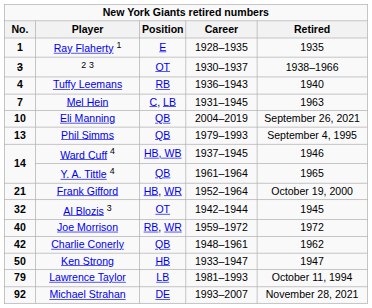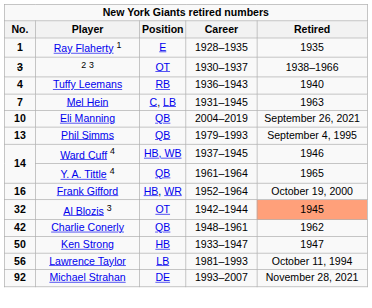 <table class="wikitable" style="text-align:center">
 <tr>
 <td colspan="5"><strong>New York Giants retired numbers</strong></td>
 </tr>
 <tr>
 <th width=40px>No.</th>
 <th width=150px>Player</th>
 <th width=40px>Position</th>
 <th width=100px>Career</th>
 <th width=160px>Retired</th>
 </tr>
 <tr>
 <td><strong>1</strong></td>
 <td><a href='#'>Ray Flaherty</a> <sup>1</sup></td>
 <td><a href='#'>E</a></td>
 <td>1928–1935</td>
 <td>1935</td>
 </tr>
 <tr>
 <td><strong><s> 3 </s></strong></td>
 <td><s></s> <sup>2</sup> <sup>3</sup></td>
 <td><a href='#'>OT</a></td>
 <td>1930–1937</td>
 <td>1938–1966</td>
 </tr>
 <tr>
 <td><strong>4</strong></td>
 <td><a href='#'>Tuffy Leemans</a></td>
 <td><a href='#'>RB</a></td>
 <td>1936–1943</td>
 <td>1940</td>
 </tr>
 <tr>
 <td><strong>7</strong></td>
 <td><a href='#'>Mel Hein</a></td>
 <td><a href='#'>C</a>, <a href='#'>LB</a></td>
 <td>1931–1945</td>
 <td>1963</td>
 </tr>
 <tr>
 <td><strong>10</strong></td>
 <td><a href='#'>Eli Manning</a></td>
 <td><a href='#'>QB</a></td>
 <td>2004–2019</td>
 <td>September 26, 2021</td>
 </tr>
 <tr>
 <td><strong>13</strong></td>
 <td><a href='#'>Phil Simms</a></td>
 <td><a href='#'>QB</a></td>
 <td>1979–1993</td>
 <td>September 4, 1995</td>
 </tr>
 <tr>
 <td rowspan=2><strong>14</strong></td>
 <td><a href='#'>Ward Cuff</a> <sup>4</sup></td>
 <td><a href='#'>HB, WB</a></td>
 <td>1937–1945</td>
 <td>1946</td>
 </tr>
 <tr>
 <td><a href='#'>Y. A. Tittle</a> <sup>4</sup></td>
 <td><a href='#'>QB</a></td>
 <td>1961–1964</td>
 <td>1965</td>
 </tr>
 <tr>
-<td><strong>21</strong></td>
+<td><strong>16</strong></td>
 <td><a href='#'>Frank Gifford</a></td>
 <td><a href='#'>HB</a>, <a href='#'>WR</a></td>
 <td>1952–1964</td>
 <td>October 19, 2000</td>
 </tr>
 <tr>
 <td><strong>32</strong></td>
 <td><a href='#'>Al Blozis</a> <sup>3</sup></td>
 <td><a href='#'>OT</a></td>
 <td>1942–1944</td>
-<td>1945</td>
-</tr>
-<tr>
-<td><strong>40</strong></td>
-<td><a href='#'>Joe Morrison</a></td>
-<td><a href='#'>RB</a>, <a href='#'>WR</a></td>
-<td>1959–1972</td>
-<td>1972</td>
+<td style="background: lightsalmon;">1945</td>
 </tr>
 <tr>
 <td><strong>42</strong></td>
 <td><a href='#'>Charlie Conerly</a></td>
 <td><a href='#'>QB</a></td>
 <td>1948–1961</td>
 <td>1962</td>
 </tr>
 <tr>
 <td><strong>50</strong></td>
 <td><a href='#'>Ken Strong</a></td>
 <td><a href='#'>HB</a></td>
 <td>1933–1947</td>
 <td>1947</td>
 </tr>
 <tr>
-<td><strong>79</strong></td>
+<td><strong>56</strong></td>
 <td><a href='#'>Lawrence Taylor</a></td>
 <td><a href='#'>LB</a></td>
 <td>1981–1993</td>
 <td>October 11, 1994</td>
 </tr>
 <tr>
 <td><strong>92</strong></td>
 <td><a href='#'>Michael Strahan</a></td>
 <td><a href='#'>DE</a></td>
 <td>1993–2007</td>
 <td>November 28, 2021</td>
 </tr>
 </table>
